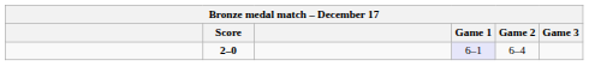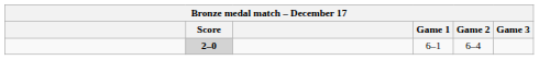 <table class="wikitable" style="text-align: center; font-size:90% ">
 <tr>
 <th colspan=6>Bronze medal match – December 17</th>
 </tr>
 <tr>
 <th align="right" width="250"></th>
 <th width="60">Score</th>
 <th align="left" width="250"></th>
 <th width="50">Game 1</th>
 <th width="50">Game 2</th>
 <th width="50">Game 3</th>
 </tr>
 <tr>
 <td align=left><strong> <br></strong></td>
-<td align=center><strong>2–0</strong></td>
+<td align=center style="background: lightgrey;"><strong>2–0</strong></td>
 <td align=left> <br></td>
-<td style="background: lavender;">6–1</td>
+<td>6–1</td>
 <td>6–4</td>
 <td></td>
 </tr>
 </table>
